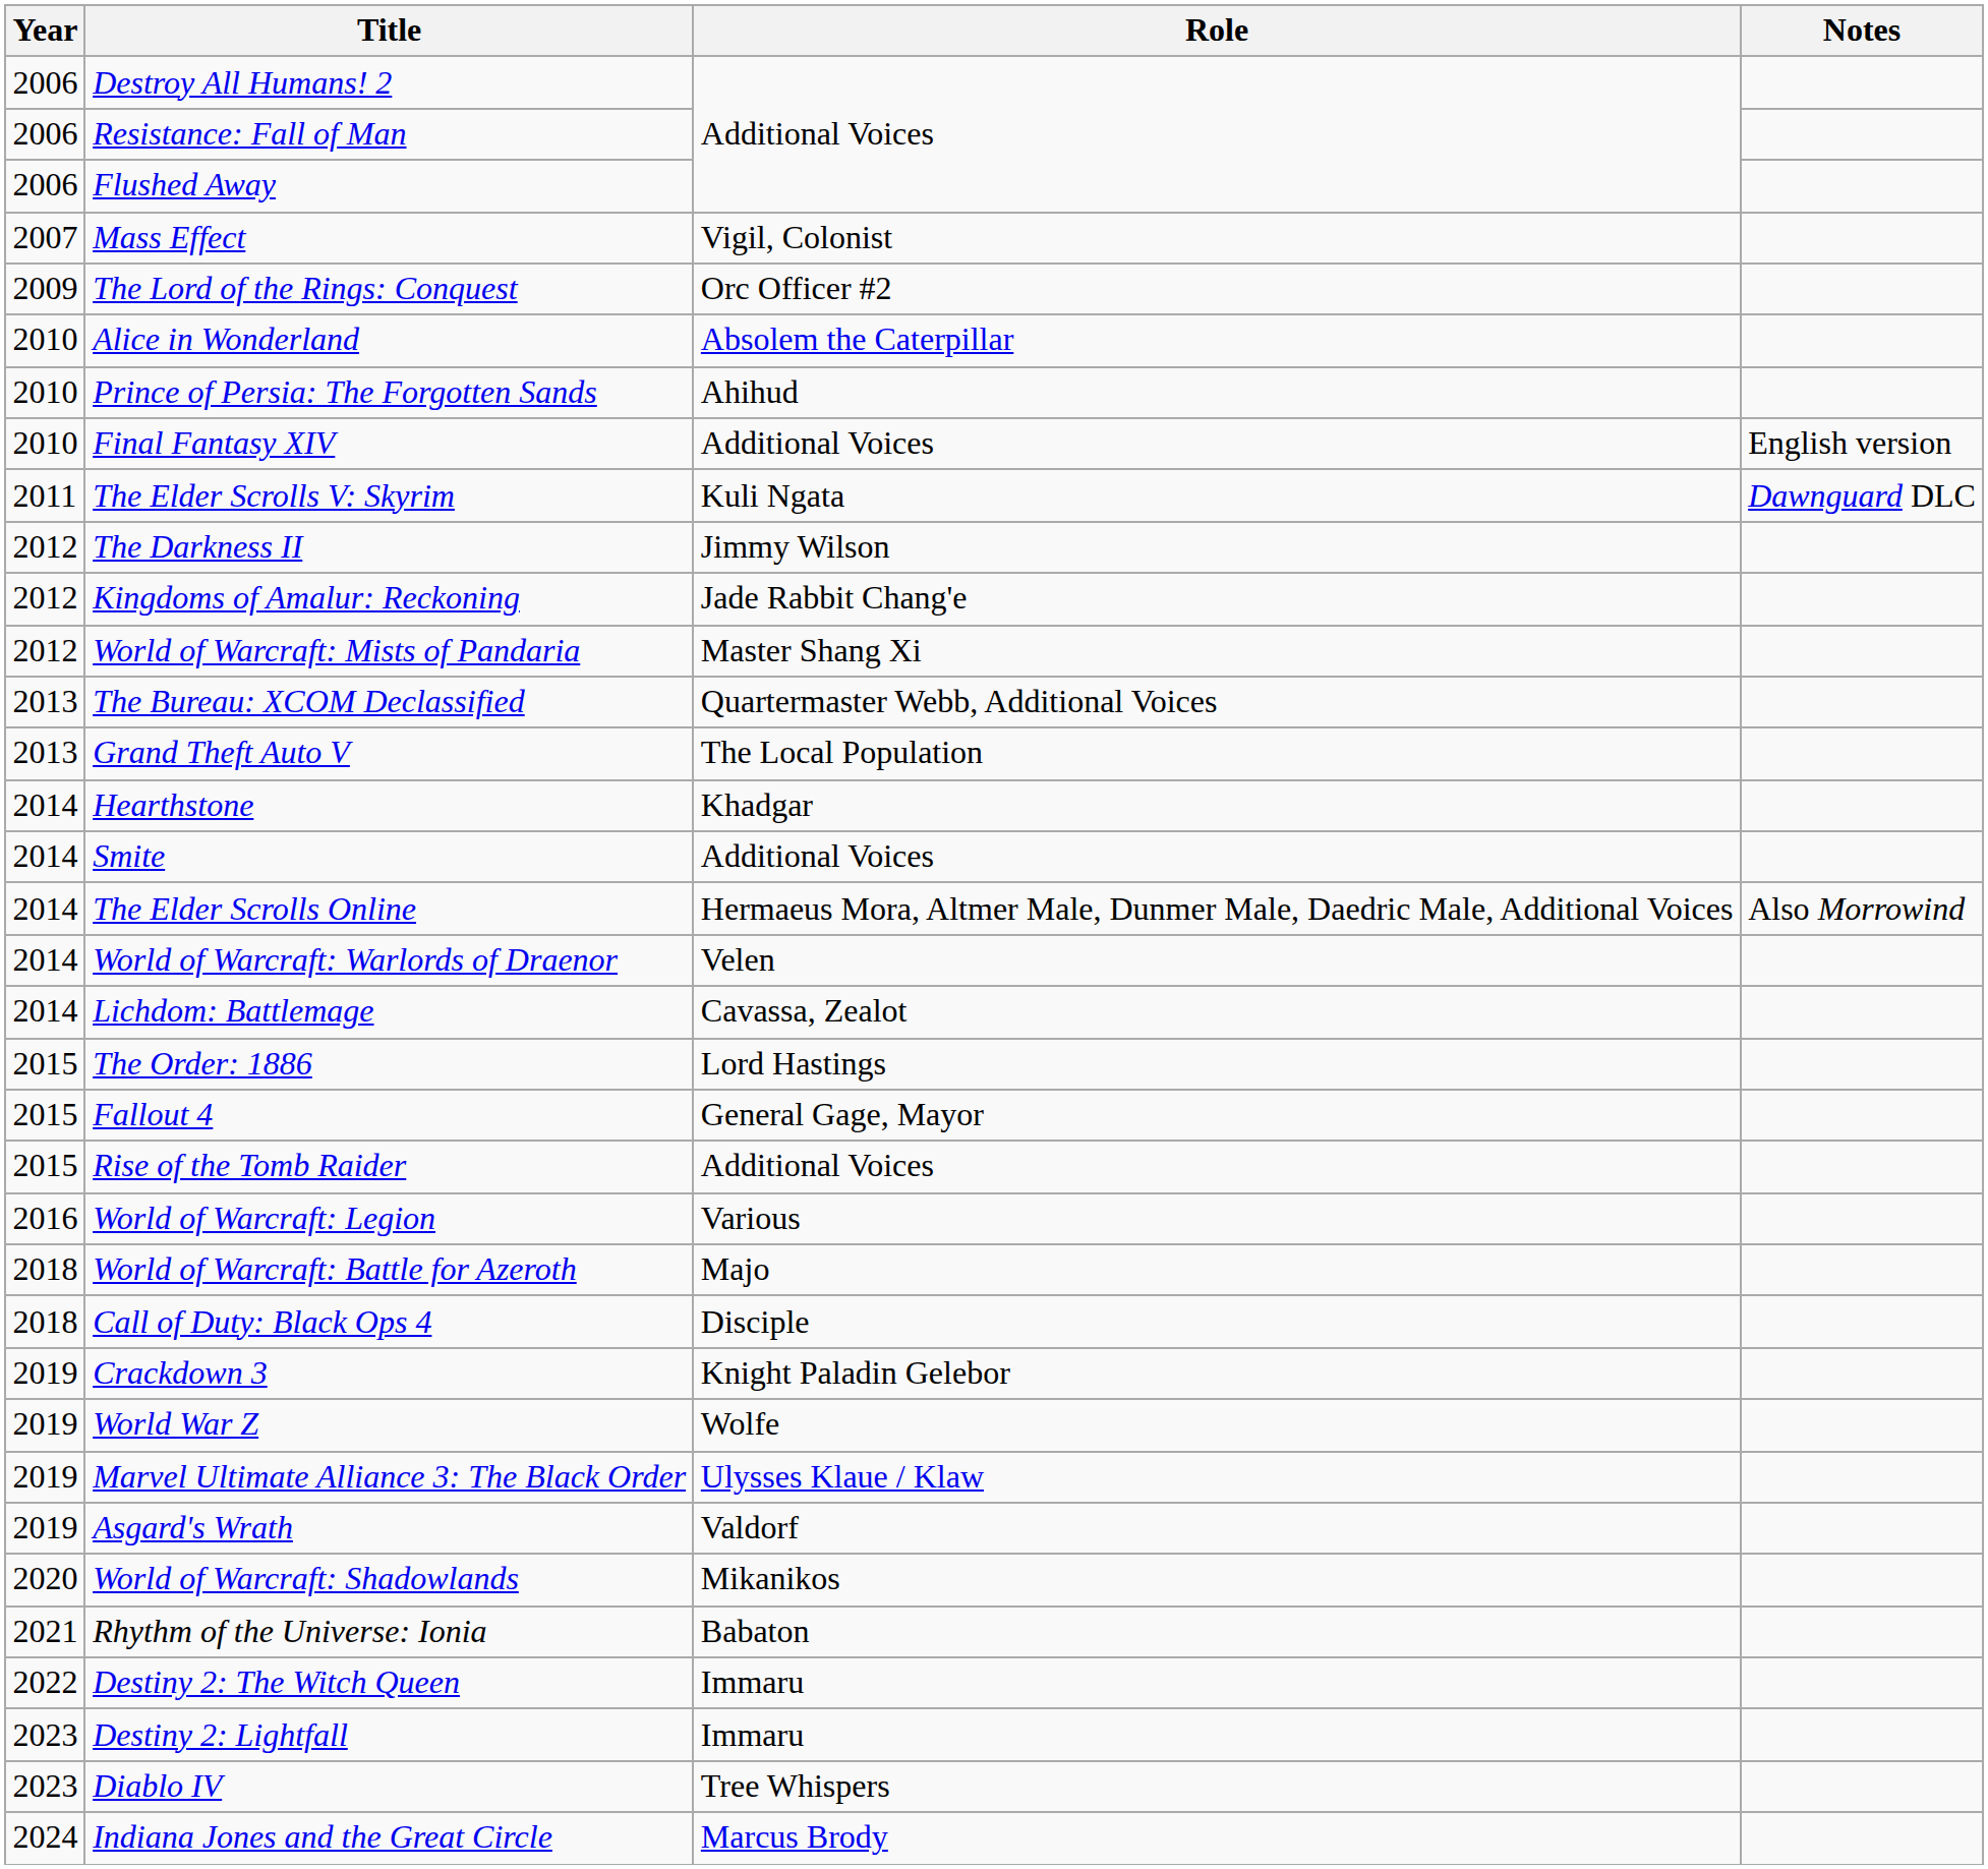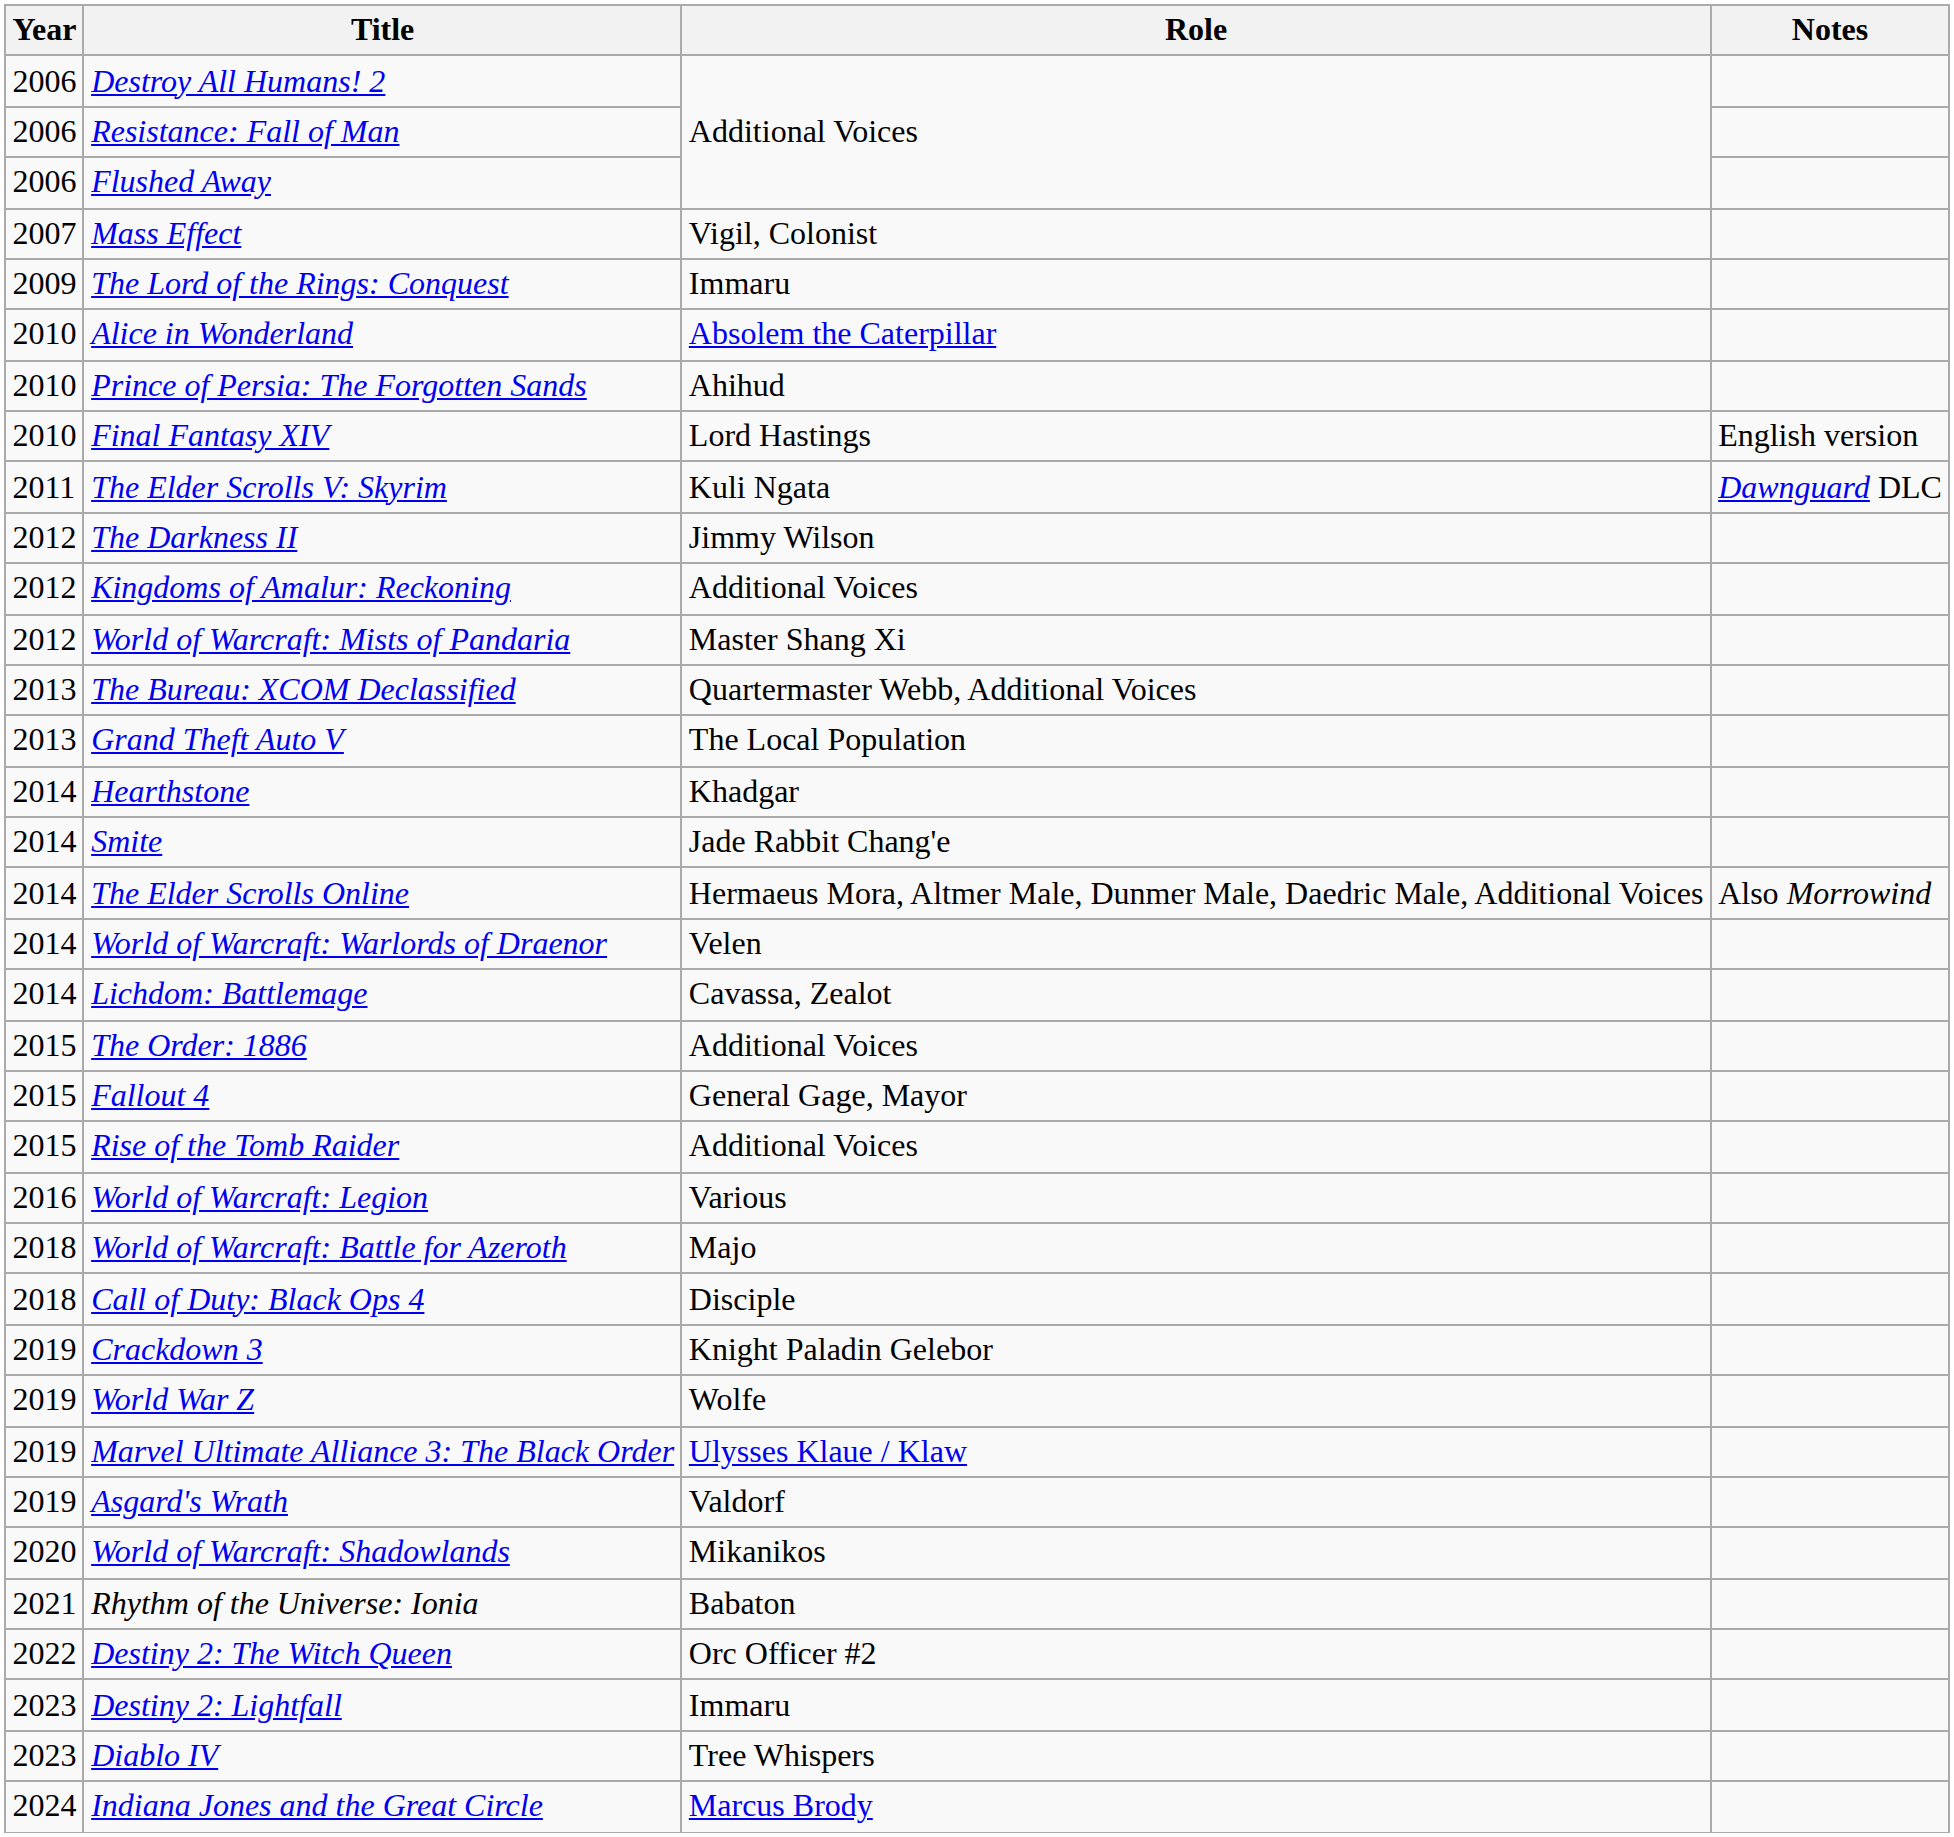 <table class="wikitable sortable">
 <tr>
 <th>Year</th>
 <th>Title</th>
 <th>Role</th>
 <th>Notes</th>
 </tr>
 <tr>
 <td>2006</td>
 <td><em><a href='#'>Destroy All Humans! 2</a></em></td>
 <td rowspan="3">Additional Voices</td>
 <td></td>
 </tr>
 <tr>
 <td>2006</td>
 <td><em><a href='#'>Resistance: Fall of Man</a></em></td>
 <td></td>
 </tr>
 <tr>
 <td>2006</td>
 <td><em><a href='#'>Flushed Away</a></em></td>
 <td></td>
 </tr>
 <tr>
 <td>2007</td>
 <td><em><a href='#'>Mass Effect</a></em></td>
 <td>Vigil, Colonist</td>
 <td></td>
 </tr>
 <tr>
 <td>2009</td>
 <td><em><a href='#'>The Lord of the Rings: Conquest</a></em></td>
-<td>Orc Officer #2</td>
+<td>Immaru</td>
 <td></td>
 </tr>
 <tr>
 <td>2010</td>
 <td><em><a href='#'>Alice in Wonderland</a></em></td>
 <td><a href='#'>Absolem the Caterpillar</a></td>
 <td></td>
 </tr>
 <tr>
 <td>2010</td>
 <td><em><a href='#'>Prince of Persia: The Forgotten Sands</a></em></td>
 <td>Ahihud</td>
 <td></td>
 </tr>
 <tr>
 <td>2010</td>
 <td><em><a href='#'>Final Fantasy XIV</a></em></td>
-<td>Additional Voices</td>
+<td>Lord Hastings</td>
 <td>English version</td>
 </tr>
 <tr>
 <td>2011</td>
 <td><em><a href='#'>The Elder Scrolls V: Skyrim</a></em></td>
 <td>Kuli Ngata</td>
 <td><em><a href='#'>Dawnguard</a></em> DLC</td>
 </tr>
 <tr>
 <td>2012</td>
 <td><em><a href='#'>The Darkness II</a></em></td>
 <td>Jimmy Wilson</td>
 <td></td>
 </tr>
 <tr>
 <td>2012</td>
 <td><em><a href='#'>Kingdoms of Amalur: Reckoning</a></em></td>
-<td>Jade Rabbit Chang'e</td>
+<td>Additional Voices</td>
 <td></td>
 </tr>
 <tr>
 <td>2012</td>
 <td><em><a href='#'>World of Warcraft: Mists of Pandaria</a></em></td>
 <td>Master Shang Xi</td>
 <td></td>
 </tr>
 <tr>
 <td>2013</td>
 <td><em><a href='#'>The Bureau: XCOM Declassified</a></em></td>
 <td>Quartermaster Webb, Additional Voices</td>
 <td></td>
 </tr>
 <tr>
 <td>2013</td>
 <td><em><a href='#'>Grand Theft Auto V</a></em></td>
 <td>The Local Population</td>
 <td></td>
 </tr>
 <tr>
 <td>2014</td>
 <td><em><a href='#'>Hearthstone</a></em></td>
 <td>Khadgar</td>
 <td></td>
 </tr>
 <tr>
 <td>2014</td>
 <td><em><a href='#'>Smite</a></em></td>
-<td>Additional Voices</td>
+<td>Jade Rabbit Chang'e</td>
 <td></td>
 </tr>
 <tr>
 <td>2014</td>
 <td><em><a href='#'>The Elder Scrolls Online</a></em></td>
 <td>Hermaeus Mora, Altmer Male, Dunmer Male, Daedric Male, Additional Voices</td>
 <td>Also <em>Morrowind</em></td>
 </tr>
 <tr>
 <td>2014</td>
 <td><em><a href='#'>World of Warcraft: Warlords of Draenor</a></em></td>
 <td>Velen</td>
 <td></td>
 </tr>
 <tr>
 <td>2014</td>
 <td><em><a href='#'>Lichdom: Battlemage</a></em></td>
 <td>Cavassa, Zealot</td>
 <td></td>
 </tr>
 <tr>
 <td>2015</td>
 <td><em><a href='#'>The Order: 1886</a></em></td>
-<td>Lord Hastings</td>
+<td>Additional Voices</td>
 <td></td>
 </tr>
 <tr>
 <td>2015</td>
 <td><em><a href='#'>Fallout 4</a></em></td>
 <td>General Gage, Mayor</td>
 <td></td>
 </tr>
 <tr>
 <td>2015</td>
 <td><em><a href='#'>Rise of the Tomb Raider</a></em></td>
 <td>Additional Voices</td>
 <td></td>
 </tr>
 <tr>
 <td>2016</td>
 <td><em><a href='#'>World of Warcraft: Legion</a></em></td>
 <td>Various</td>
 <td></td>
 </tr>
 <tr>
 <td>2018</td>
 <td><em><a href='#'>World of Warcraft: Battle for Azeroth</a></em></td>
 <td>Majo</td>
 <td></td>
 </tr>
 <tr>
 <td>2018</td>
 <td><em><a href='#'>Call of Duty: Black Ops 4</a></em></td>
 <td>Disciple</td>
 <td></td>
 </tr>
 <tr>
 <td>2019</td>
 <td><em><a href='#'>Crackdown 3</a></em></td>
 <td>Knight Paladin Gelebor</td>
 <td></td>
 </tr>
 <tr>
 <td>2019</td>
 <td><em><a href='#'>World War Z</a></em></td>
 <td>Wolfe</td>
 <td></td>
 </tr>
 <tr>
 <td>2019</td>
 <td><em><a href='#'>Marvel Ultimate Alliance 3: The Black Order</a></em></td>
 <td><a href='#'>Ulysses Klaue / Klaw</a></td>
 <td></td>
 </tr>
 <tr>
 <td>2019</td>
 <td><em><a href='#'>Asgard's Wrath</a></em></td>
 <td>Valdorf</td>
 <td></td>
 </tr>
 <tr>
 <td>2020</td>
 <td><em><a href='#'>World of Warcraft: Shadowlands</a></em></td>
 <td>Mikanikos</td>
 <td></td>
 </tr>
 <tr>
 <td>2021</td>
 <td><em>Rhythm of the Universe: Ionia</em></td>
 <td>Babaton</td>
 <td></td>
 </tr>
 <tr>
 <td>2022</td>
 <td><em><a href='#'>Destiny 2: The Witch Queen</a></em></td>
-<td>Immaru</td>
+<td>Orc Officer #2</td>
 <td></td>
 </tr>
 <tr>
 <td>2023</td>
 <td><em><a href='#'>Destiny 2: Lightfall</a></em></td>
 <td>Immaru</td>
 <td></td>
 </tr>
 <tr>
 <td>2023</td>
 <td><em><a href='#'>Diablo IV</a></em></td>
 <td>Tree Whispers</td>
 <td></td>
 </tr>
 <tr>
 <td>2024</td>
 <td><em><a href='#'>Indiana Jones and the Great Circle</a></em></td>
 <td><a href='#'>Marcus Brody</a></td>
 <td></td>
 </tr>
 <tr>
 </tr>
 </table>
